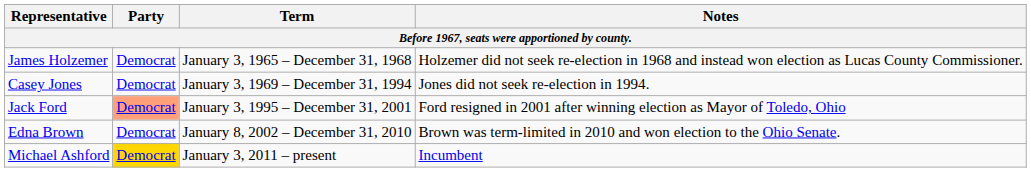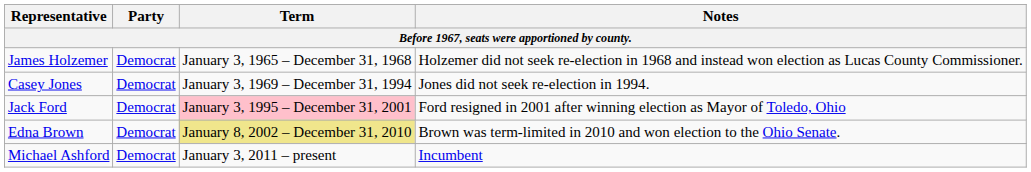 <table class=wikitable>
 <tr valign=bottom>
 <th>Representative</th>
 <th>Party</th>
 <th>Term</th>
 <th>Notes</th>
 </tr>
 <tr>
 <th colspan=5 style="font-size: 80%;"><em>Before 1967, seats were apportioned by county.</em></th>
 </tr>
 <tr>
 <td><a href='#'>James Holzemer</a></td>
 <td><a href='#'>Democrat</a></td>
 <td>January 3, 1965 – December 31, 1968</td>
 <td>Holzemer did not seek re-election in 1968 and instead won election as Lucas County Commissioner.</td>
 </tr>
 <tr>
 <td><a href='#'>Casey Jones</a></td>
 <td><a href='#'>Democrat</a></td>
 <td>January 3, 1969 – December 31, 1994</td>
 <td>Jones did not seek re-election in 1994.</td>
 </tr>
 <tr>
 <td><a href='#'>Jack Ford</a></td>
-<td style="background: lightsalmon;"><a href='#'>Democrat</a></td>
-<td>January 3, 1995 – December 31, 2001</td>
+<td><a href='#'>Democrat</a></td>
+<td style="background: pink;">January 3, 1995 – December 31, 2001</td>
 <td>Ford resigned in 2001 after winning election as Mayor of <a href='#'>Toledo, Ohio</a></td>
 </tr>
 <tr>
 <td><a href='#'>Edna Brown</a></td>
 <td><a href='#'>Democrat</a></td>
-<td>January 8, 2002 – December 31, 2010</td>
+<td style="background: khaki;">January 8, 2002 – December 31, 2010</td>
 <td>Brown was term-limited in 2010 and won election to the <a href='#'>Ohio Senate</a>.</td>
 </tr>
 <tr>
 <td><a href='#'>Michael Ashford</a></td>
-<td style="background: gold;"><a href='#'>Democrat</a></td>
+<td><a href='#'>Democrat</a></td>
 <td>January 3, 2011 – present</td>
 <td><a href='#'>Incumbent</a></td>
 </tr>
 </table>
